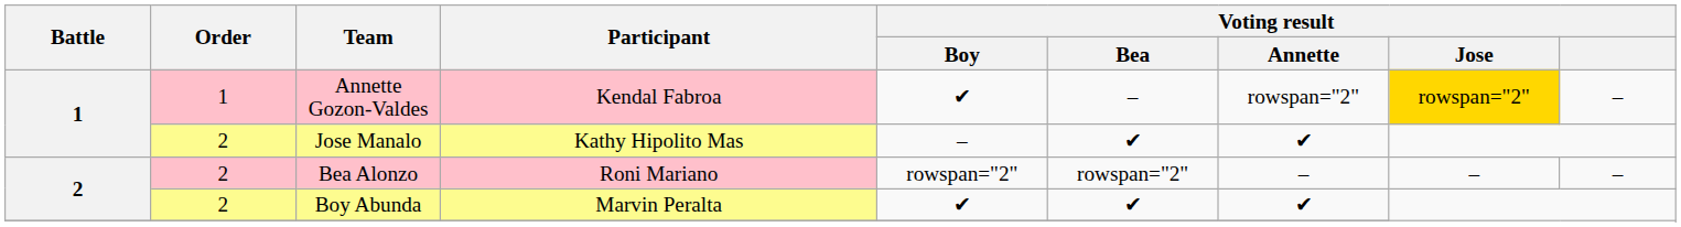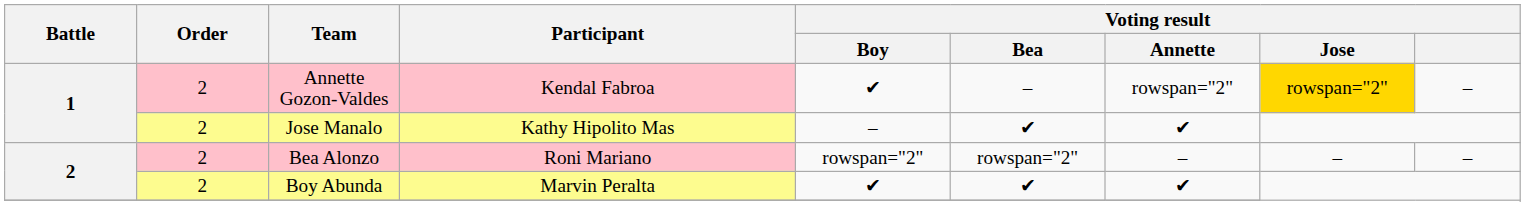 <table class="wikitable" style="text-align:center; line-height:17px; width:100%;">
 <tr>
 <th scope="col" rowspan="2" width="05%">Battle</th>
 <th scope="col" rowspan="2" width="05%">Order</th>
 <th scope="col" rowspan="2" width="05%">Team</th>
 <th scope="col" rowspan="2" width="15%">Participant</th>
 <th scope="col" colspan="5" width="20%">Voting result</th>
 </tr>
 <tr>
 <th width="4%">Boy</th>
 <th width="4%">Bea</th>
 <th width="4%">Annette</th>
 <th width="4%">Jose</th>
 <th width="4%"></th>
 </tr>
 <tr>
 <th rowspan="2">1</th>
-<td style="background:pink;">1</td>
+<td style="background:pink;">2</td>
 <td style="background:pink;">Annette Gozon-Valdes</td>
 <td style="background:pink;">Kendal Fabroa</td>
 <td>✔</td>
 <td>–</td>
 <td>rowspan="2" </td>
 <td style="background: gold;">rowspan="2" </td>
 <td>–</td>
 </tr>
 <tr>
 <td style="background:#fdfc8f;">2</td>
 <td style="background:#fdfc8f;">Jose Manalo</td>
 <td style="background:#fdfc8f;">Kathy Hipolito Mas</td>
 <td>–</td>
 <td>✔</td>
 <td>✔</td>
 </tr>
 <tr>
 <th rowspan="2">2</th>
 <td style="background:pink;">2</td>
 <td style="background:pink;">Bea Alonzo</td>
 <td style="background:pink;">Roni Mariano</td>
 <td>rowspan="2" </td>
 <td>rowspan="2" </td>
 <td>–</td>
 <td>–</td>
 <td>–</td>
 </tr>
 <tr>
 <td style="background:#fdfc8f;">2</td>
 <td style="background:#fdfc8f;">Boy Abunda</td>
 <td style="background:#fdfc8f;">Marvin Peralta</td>
 <td>✔</td>
 <td>✔</td>
 <td>✔</td>
 </tr>
 <tr>
 </tr>
 </table>
